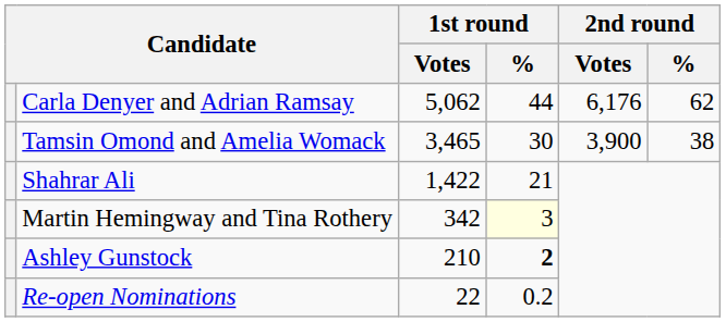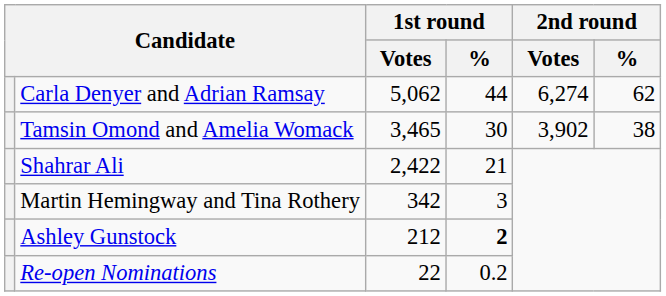 <table class="wikitable">
 <tr style="background:#e9e9e9;">
 <th colspan="2" rowspan="2">Candidate</th>
 <th colspan="2">1st round</th>
 <th colspan="2">2nd round</th>
 </tr>
 <tr>
 <th style="width: 50px">Votes</th>
 <th style="width: 40px">%</th>
 <th style="width: 50px">Votes</th>
 <th style="width: 40px">%</th>
 </tr>
 <tr>
 <th style="background-color: "></th>
 <td><a href='#'>Carla Denyer</a> and <a href='#'>Adrian Ramsay</a></td>
 <td style="text-align:right;">5,062</td>
 <td style="text-align:right;">44</td>
-<td style="text-align:right;">6,176</td>
+<td style="text-align:right;">6,274</td>
 <td style="text-align:right;">62</td>
 </tr>
 <tr>
 <th style="background-color: "></th>
 <td><a href='#'>Tamsin Omond</a> and <a href='#'>Amelia Womack</a></td>
 <td style="text-align:right;">3,465</td>
 <td style="text-align:right;">30</td>
-<td style="text-align:right;">3,900</td>
+<td style="text-align:right;">3,902</td>
 <td style="text-align:right;">38</td>
 </tr>
 <tr>
 <th style="background-color: "></th>
 <td><a href='#'>Shahrar Ali</a></td>
-<td style="text-align:right;">1,422</td>
+<td style="text-align:right;">2,422</td>
 <td style="text-align:right;">21</td>
 </tr>
 <tr>
 <th style="background-color: "></th>
 <td>Martin Hemingway and Tina Rothery</td>
 <td style="text-align:right;">342</td>
-<td style="background: lightyellow; text-align:right;">3</td>
+<td style="text-align:right;">3</td>
 </tr>
 <tr>
 <th style="background-color: "></th>
 <td><a href='#'>Ashley Gunstock</a></td>
-<td style="text-align:right;">210</td>
+<td style="text-align:right;">212</td>
 <td style="text-align:right;"><strong>2</strong></td>
 </tr>
 <tr>
 <th style="background-color: "></th>
 <td><em><a href='#'>Re-open Nominations</a></em></td>
 <td style="text-align:right;">22</td>
 <td style="text-align:right;">0.2</td>
 </tr>
 </table>
